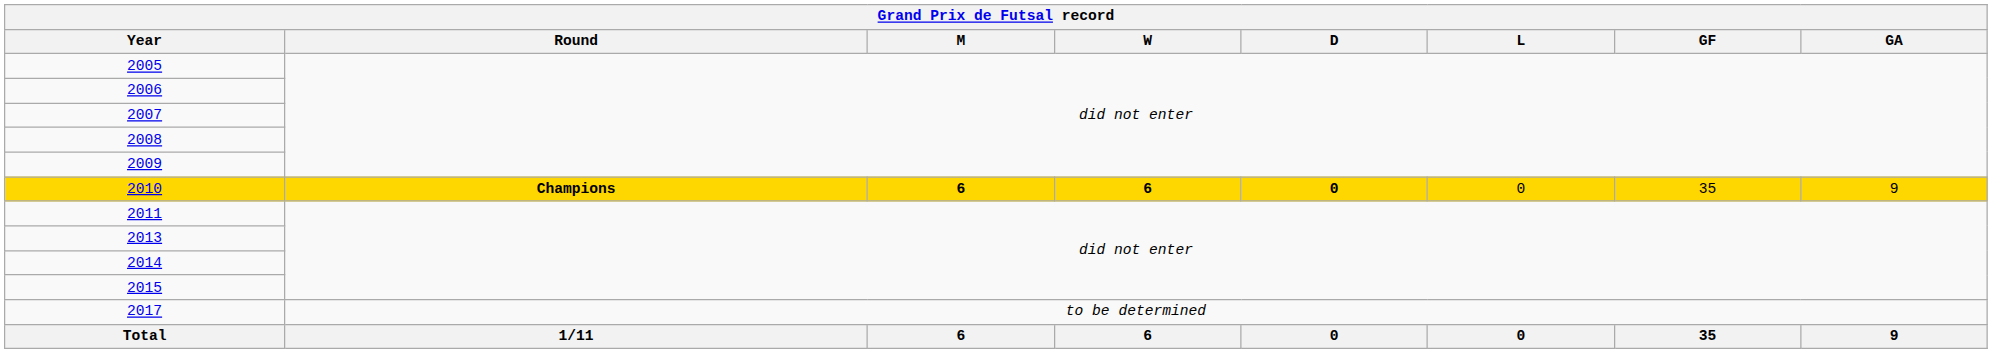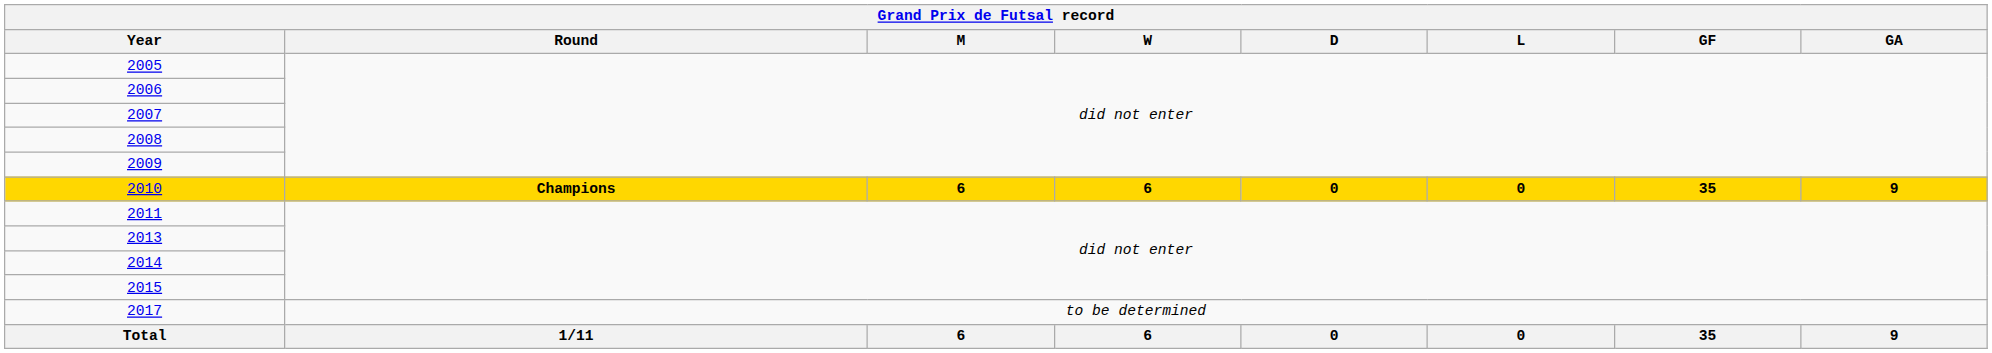 <table class="wikitable" width=80% style="text-align: center;font-size:90%;">
 <tr>
 <th colspan=8><a href='#'>Grand Prix de Futsal</a> record</th>
 </tr>
 <tr>
 <th width=12%>Year</th>
 <th width=25%>Round</th>
 <th width=8%>M</th>
 <th width=8%>W</th>
 <th width=8%>D</th>
 <th width=8%>L</th>
 <th width=8%>GF</th>
 <th width=8%>GA</th>
 </tr>
 <tr>
 <td> <a href='#'>2005</a></td>
 <td colspan=10 rowspan=5><em>did not enter</em></td>
 </tr>
 <tr>
 <td> <a href='#'>2006</a></td>
 </tr>
 <tr>
 <td> <a href='#'>2007</a></td>
 </tr>
 <tr>
 <td> <a href='#'>2008</a></td>
 </tr>
 <tr>
 <td> <a href='#'>2009</a></td>
 </tr>
 <tr - bgcolor=gold>
 <td> <a href='#'>2010</a></td>
 <td><strong>Champions</strong></td>
 <td><strong>6</strong></td>
 <td><strong>6</strong></td>
 <td><strong>0</strong></td>
-<td>0</td>
-<td>35</td>
-<td>9</td>
+<td><strong>0</strong></td>
+<td><strong>35</strong></td>
+<td><strong>9</strong></td>
 </tr>
 <tr>
 <td> <a href='#'>2011</a></td>
 <td colspan=10 rowspan=4><em>did not enter</em></td>
 </tr>
 <tr>
 <td> <a href='#'>2013</a></td>
 </tr>
 <tr>
 <td> <a href='#'>2014</a></td>
 </tr>
 <tr>
 <td> <a href='#'>2015</a></td>
 </tr>
 <tr>
 <td> <a href='#'>2017</a></td>
 <td colspan=10 rowspan=1><em>to be determined</em></td>
 </tr>
 <tr>
 <th><strong>Total</strong></th>
 <th>1/11</th>
 <th>6</th>
 <th>6</th>
 <th>0</th>
 <th>0</th>
 <th>35</th>
 <th>9</th>
 </tr>
 </table>
